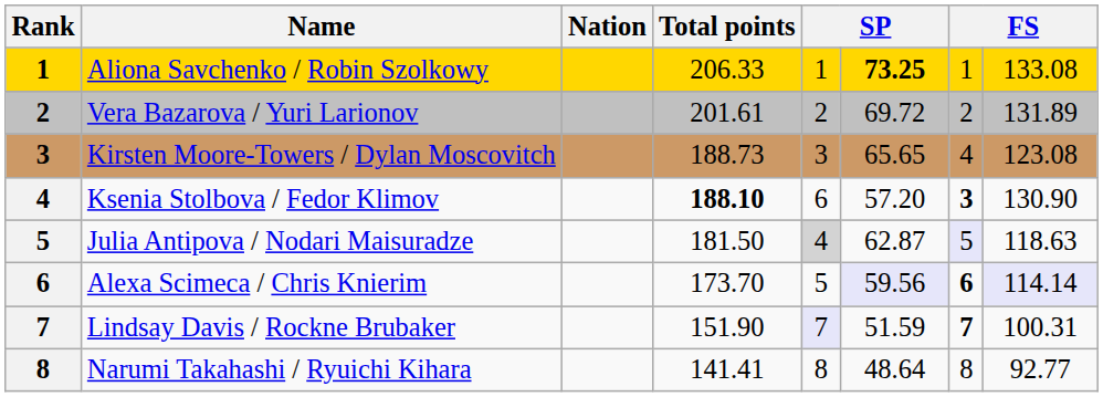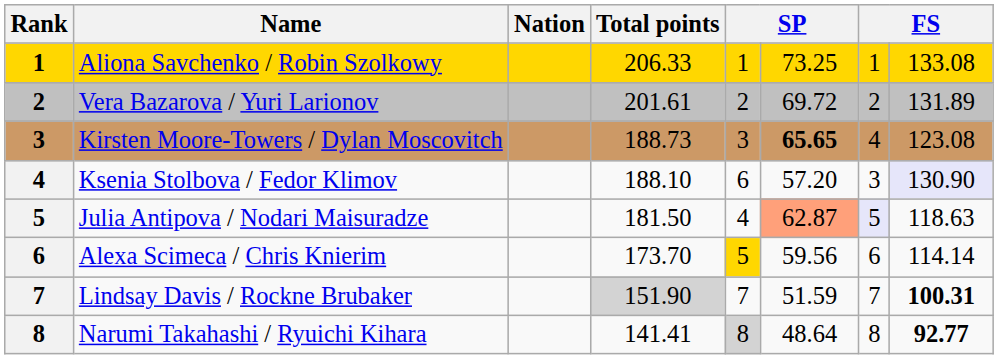 <table class="wikitable sortable">
 <tr>
 <th>Rank</th>
 <th>Name</th>
 <th>Nation</th>
 <th>Total points</th>
 <th colspan="2" width="80px"><a href='#'>SP</a></th>
 <th colspan="2" width="80px"><a href='#'>FS</a></th>
 </tr>
 <tr bgcolor="gold">
 <td align="center"><strong>1</strong></td>
 <td><a href='#'>Aliona Savchenko</a> / <a href='#'>Robin Szolkowy</a></td>
 <td></td>
 <td align="center">206.33</td>
 <td align="center">1</td>
-<td align="center"><strong>73.25</strong></td>
+<td align="center">73.25</td>
 <td align="center">1</td>
 <td align="center">133.08</td>
 </tr>
 <tr bgcolor="silver">
 <td align="center"><strong>2</strong></td>
 <td><a href='#'>Vera Bazarova</a> / <a href='#'>Yuri Larionov</a></td>
 <td></td>
 <td align="center">201.61</td>
 <td align="center">2</td>
 <td align="center">69.72</td>
 <td align="center">2</td>
 <td align="center">131.89</td>
 </tr>
 <tr bgcolor="cc9966">
 <td align="center"><strong>3</strong></td>
 <td><a href='#'>Kirsten Moore-Towers</a> / <a href='#'>Dylan Moscovitch</a></td>
 <td></td>
 <td align="center">188.73</td>
 <td align="center">3</td>
-<td align="center">65.65</td>
+<td align="center"><strong>65.65</strong></td>
 <td align="center">4</td>
 <td align="center">123.08</td>
 </tr>
 <tr>
 <th>4</th>
 <td><a href='#'>Ksenia Stolbova</a> / <a href='#'>Fedor Klimov</a></td>
 <td></td>
-<td align="center"><strong>188.10</strong></td>
+<td align="center">188.10</td>
 <td align="center">6</td>
 <td align="center">57.20</td>
-<td align="center"><strong>3</strong></td>
-<td align="center">130.90</td>
+<td align="center">3</td>
+<td align="center" style="background: lavender;">130.90</td>
 </tr>
 <tr>
 <th>5</th>
 <td><a href='#'>Julia Antipova</a> / <a href='#'>Nodari Maisuradze</a></td>
 <td></td>
 <td align="center">181.50</td>
-<td align="center" style="background: lightgrey;">4</td>
-<td align="center">62.87</td>
+<td align="center">4</td>
+<td align="center" style="background: lightsalmon;">62.87</td>
 <td align="center" style="background: lavender;">5</td>
 <td align="center">118.63</td>
 </tr>
 <tr>
 <th>6</th>
 <td><a href='#'>Alexa Scimeca</a> / <a href='#'>Chris Knierim</a></td>
 <td></td>
 <td align="center">173.70</td>
-<td align="center">5</td>
-<td align="center" style="background: lavender;">59.56</td>
-<td align="center"><strong>6</strong></td>
-<td align="center" style="background: lavender;">114.14</td>
+<td align="center" style="background: gold;">5</td>
+<td align="center">59.56</td>
+<td align="center">6</td>
+<td align="center">114.14</td>
 </tr>
 <tr>
 <th>7</th>
 <td><a href='#'>Lindsay Davis</a> / <a href='#'>Rockne Brubaker</a></td>
 <td></td>
-<td align="center">151.90</td>
-<td align="center" style="background: lavender;">7</td>
+<td align="center" style="background: lightgrey;">151.90</td>
+<td align="center">7</td>
 <td align="center">51.59</td>
-<td align="center"><strong>7</strong></td>
-<td align="center">100.31</td>
+<td align="center">7</td>
+<td align="center"><strong>100.31</strong></td>
 </tr>
 <tr>
 <th>8</th>
 <td><a href='#'>Narumi Takahashi</a> / <a href='#'>Ryuichi Kihara</a></td>
 <td></td>
 <td align="center">141.41</td>
-<td align="center">8</td>
+<td align="center" style="background: lightgrey;">8</td>
 <td align="center">48.64</td>
 <td align="center">8</td>
-<td align="center">92.77</td>
+<td align="center"><strong>92.77</strong></td>
 </tr>
 </table>
